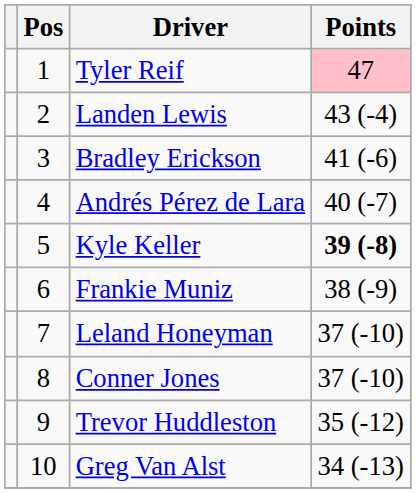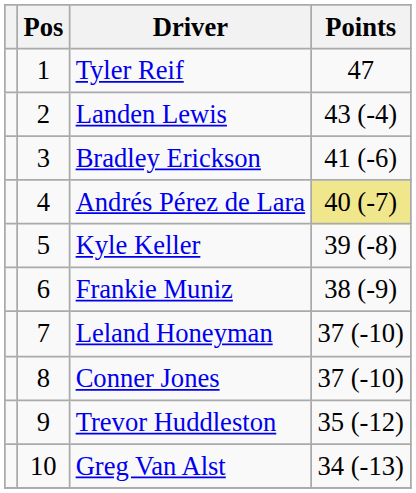 <table class="wikitable" style="font-size: 95%;">
 <tr>
 <th></th>
 <th>Pos</th>
 <th>Driver</th>
 <th>Points</th>
 </tr>
 <tr>
 <td align="left"></td>
 <td style="text-align:center;">1</td>
 <td><a href='#'>Tyler Reif</a></td>
-<td style="background: pink; text-align:center;">47</td>
+<td style="text-align:center;">47</td>
 </tr>
 <tr>
 <td align="left"></td>
 <td style="text-align:center;">2</td>
 <td><a href='#'>Landen Lewis</a></td>
 <td style="text-align:center;">43 (-4)</td>
 </tr>
 <tr>
 <td align="left"></td>
 <td style="text-align:center;">3</td>
 <td><a href='#'>Bradley Erickson</a></td>
 <td style="text-align:center;">41 (-6)</td>
 </tr>
 <tr>
 <td align="left"></td>
 <td style="text-align:center;">4</td>
 <td><a href='#'>Andrés Pérez de Lara</a></td>
-<td style="text-align:center;">40 (-7)</td>
+<td style="background: khaki; text-align:center;">40 (-7)</td>
 </tr>
 <tr>
 <td align="left"></td>
 <td style="text-align:center;">5</td>
 <td><a href='#'>Kyle Keller</a></td>
-<td style="text-align:center;"><strong>39 (-8)</strong></td>
+<td style="text-align:center;">39 (-8)</td>
 </tr>
 <tr>
 <td align="left"></td>
 <td style="text-align:center;">6</td>
 <td><a href='#'>Frankie Muniz</a></td>
 <td style="text-align:center;">38 (-9)</td>
 </tr>
 <tr>
 <td align="left"></td>
 <td style="text-align:center;">7</td>
 <td><a href='#'>Leland Honeyman</a></td>
 <td style="text-align:center;">37 (-10)</td>
 </tr>
 <tr>
 <td align="left"></td>
 <td style="text-align:center;">8</td>
 <td><a href='#'>Conner Jones</a></td>
 <td style="text-align:center;">37 (-10)</td>
 </tr>
 <tr>
 <td align="left"></td>
 <td style="text-align:center;">9</td>
 <td><a href='#'>Trevor Huddleston</a></td>
 <td style="text-align:center;">35 (-12)</td>
 </tr>
 <tr>
 <td align="left"></td>
 <td style="text-align:center;">10</td>
 <td><a href='#'>Greg Van Alst</a></td>
 <td style="text-align:center;">34 (-13)</td>
 </tr>
 <tr class="sortbottom">
 </tr>
 </table>
